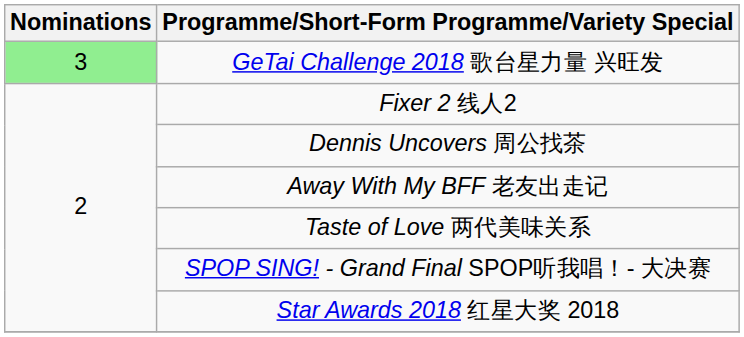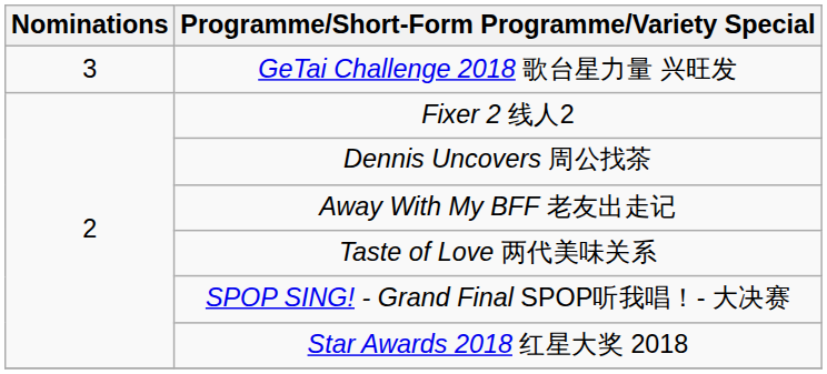 <table class="wikitable plainrowheaders" style="text-align: center">
 <tr>
 <th scope="col" style="width:55px;">Nominations</th>
 <th scope="col" style="text-align:center;">Programme/Short-Form Programme/Variety Special</th>
 </tr>
 <tr>
-<td rowspan="1"; scope=row style="background: lightgreen; text-align:center">3</td>
+<td rowspan="1"; scope=row style="text-align:center">3</td>
 <td><em><a href='#'>GeTai Challenge 2018</a></em> 歌台星力量 兴旺发</td>
 </tr>
 <tr>
 <td rowspan="6"; scope=row style="text-align:center">2</td>
 <td><em>Fixer 2</em> 线人2</td>
 </tr>
 <tr>
 <td><em>Dennis Uncovers</em> 周公找茶</td>
 </tr>
 <tr>
 <td><em>Away With My BFF</em> 老友出走记</td>
 </tr>
 <tr>
 <td><em>Taste of Love</em> 两代美味关系</td>
 </tr>
 <tr>
 <td><em><a href='#'>SPOP SING!</a> - Grand Final</em> SPOP听我唱！- 大决赛</td>
 </tr>
 <tr>
 <td><em><a href='#'>Star Awards 2018</a></em> 红星大奖 2018</td>
 </tr>
 <tr>
 </tr>
 </table>
